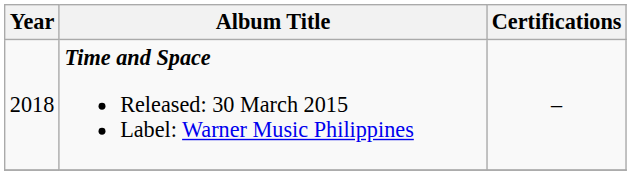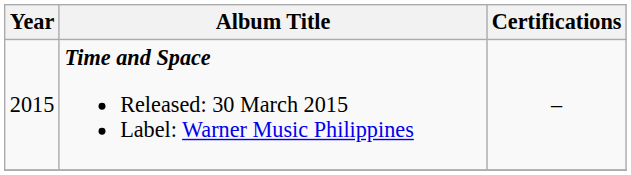 <table class="wikitable">
 <tr>
 <th align="center">Year</th>
 <th align="center" width="300">Album Title</th>
 <th align="center">Certifications</th>
 </tr>
 <tr>
-<td align="center">2018</td>
+<td align="center">2015</td>
 <td align="left"><strong><em>Time and Space</em></strong><br><ul><li>Released: 30 March 2015</li><li>Label: <a href='#'>Warner Music Philippines</a></li></ul></td>
 <td align="center">–</td>
 </tr>
 <tr>
 </tr>
 </table>
